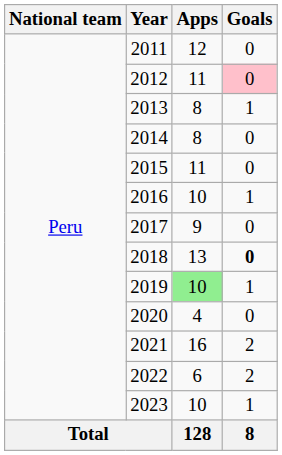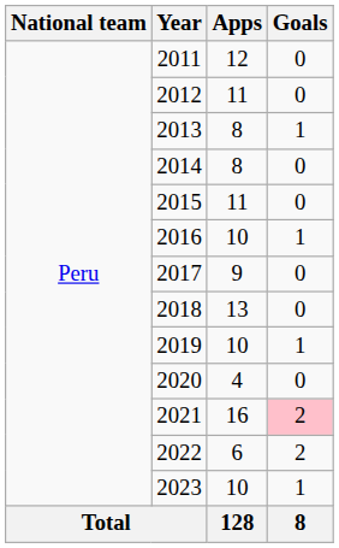 <table class="wikitable" style="text-align:center">
 <tr>
 <th>National team</th>
 <th>Year</th>
 <th>Apps</th>
 <th>Goals</th>
 </tr>
 <tr>
 <td rowspan="13"><a href='#'>Peru</a></td>
 <td>2011</td>
 <td>12</td>
 <td>0</td>
 </tr>
 <tr>
 <td>2012</td>
 <td>11</td>
-<td style="background: pink;">0</td>
+<td>0</td>
 </tr>
 <tr>
 <td>2013</td>
 <td>8</td>
 <td>1</td>
 </tr>
 <tr>
 <td>2014</td>
 <td>8</td>
 <td>0</td>
 </tr>
 <tr>
 <td>2015</td>
 <td>11</td>
 <td>0</td>
 </tr>
 <tr>
 <td>2016</td>
 <td>10</td>
 <td>1</td>
 </tr>
 <tr>
 <td>2017</td>
 <td>9</td>
 <td>0</td>
 </tr>
 <tr>
 <td>2018</td>
 <td>13</td>
-<td><strong>0</strong></td>
+<td>0</td>
 </tr>
 <tr>
 <td>2019</td>
-<td style="background: lightgreen;">10</td>
+<td>10</td>
 <td>1</td>
 </tr>
 <tr>
 <td>2020</td>
 <td>4</td>
 <td>0</td>
 </tr>
 <tr>
 <td>2021</td>
 <td>16</td>
-<td>2</td>
+<td style="background: pink;">2</td>
 </tr>
 <tr>
 <td>2022</td>
 <td>6</td>
 <td>2</td>
 </tr>
 <tr>
 <td>2023</td>
 <td>10</td>
 <td>1</td>
 </tr>
 <tr>
 <th colspan="2">Total</th>
 <th>128</th>
 <th>8</th>
 </tr>
 </table>
